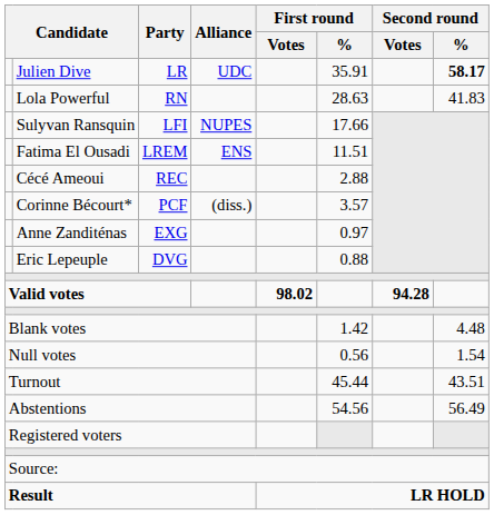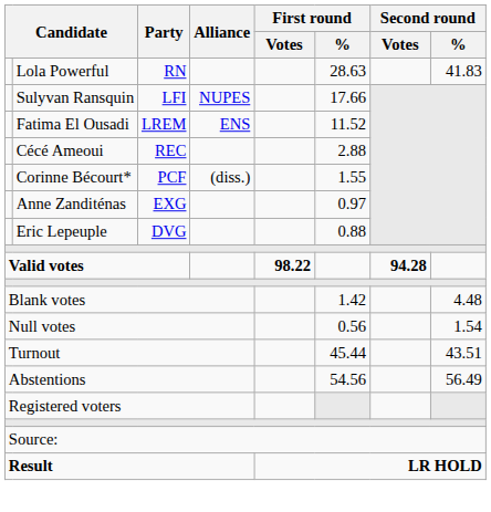 <table class="wikitable" style="text-align:right;font-size:95%;">
 <tr>
 <th colspan="2" rowspan="2">Candidate</th>
 <th colspan="1" rowspan="2">Party</th>
 <th colspan="1" rowspan="2">Alliance</th>
 <th colspan="2">First round</th>
 <th colspan="2">Second round</th>
 </tr>
 <tr>
 <th style="width:50px;">Votes</th>
 <th style="width:45px;">%</th>
 <th style="width:50px;">Votes</th>
 <th style="width:45px;">%</th>
-</tr>
-<tr>
-<td style="color:inherit;background:"></td>
-<td style="text-align:left;"><a href='#'>Julien Dive</a></td>
-<td><a href='#'>LR</a></td>
-<td><a href='#'>UDC</a></td>
-<td></td>
-<td>35.91</td>
-<td><strong></strong></td>
-<td><strong>58.17</strong></td>
 </tr>
 <tr>
 <td style="color:inherit;background:"></td>
 <td style="text-align:left;">Lola Powerful</td>
 <td><a href='#'>RN</a></td>
 <td></td>
 <td></td>
 <td>28.63</td>
 <td></td>
 <td>41.83</td>
 </tr>
 <tr>
 <td style="color:inherit;background:"></td>
 <td style="text-align:left;">Sulyvan Ransquin</td>
 <td><a href='#'>LFI</a></td>
 <td><a href='#'>NUPES</a></td>
 <td></td>
 <td>17.66</td>
 <td colspan="2" rowspan="6" style="background:#E9E9E9;"></td>
 </tr>
 <tr>
 <td style="color:inherit;background:"></td>
 <td style="text-align:left;">Fatima El Ousadi</td>
 <td><a href='#'>LREM</a></td>
 <td><a href='#'>ENS</a></td>
 <td></td>
-<td>11.51</td>
+<td>11.52</td>
 </tr>
 <tr>
 <td style="color:inherit;background:"></td>
 <td style="text-align:left;">Cécé Ameoui</td>
 <td><a href='#'>REC</a></td>
 <td></td>
 <td></td>
 <td>2.88</td>
 </tr>
 <tr>
 <td style="color:inherit;background:"></td>
 <td style="text-align:left;">Corinne Bécourt*</td>
 <td><a href='#'>PCF</a></td>
 <td>(diss.)</td>
 <td></td>
-<td>3.57</td>
+<td>1.55</td>
 </tr>
 <tr>
 <td style="color:inherit;background:"></td>
 <td style="text-align:left;">Anne Zanditénas</td>
 <td><a href='#'>EXG</a></td>
 <td></td>
 <td></td>
 <td>0.97</td>
 </tr>
 <tr>
 <td style="color:inherit;background:"></td>
 <td style="text-align:left;">Eric Lepeuple</td>
 <td><a href='#'>DVG</a></td>
 <td></td>
 <td></td>
 <td>0.88</td>
 </tr>
 <tr>
 <td colspan="8" style="background:#E9E9E9;"></td>
 </tr>
 <tr style="font-weight:bold;">
 <td colspan="3" style="text-align:left;">Valid votes</td>
 <td></td>
-<td>98.02</td>
+<td>98.22</td>
 <td></td>
 <td>94.28</td>
 </tr>
 <tr>
 <td colspan="8" style="background:#E9E9E9;"></td>
 </tr>
 <tr>
 <td colspan="4" style="text-align:left;">Blank votes</td>
 <td></td>
 <td>1.42</td>
 <td></td>
 <td>4.48</td>
 </tr>
 <tr>
 <td colspan="4" style="text-align:left;">Null votes</td>
 <td></td>
 <td>0.56</td>
 <td></td>
 <td>1.54</td>
 </tr>
 <tr>
 <td colspan="4" style="text-align:left;">Turnout</td>
 <td></td>
 <td>45.44</td>
 <td></td>
 <td>43.51</td>
 </tr>
 <tr>
 <td colspan="4" style="text-align:left;">Abstentions</td>
 <td></td>
 <td>54.56</td>
 <td></td>
 <td>56.49</td>
 </tr>
 <tr>
 <td colspan="4" style="text-align:left;">Registered voters</td>
 <td></td>
 <td style="background:#E9E9E9;"></td>
 <td></td>
 <td style="background:#E9E9E9;"></td>
 </tr>
 <tr>
 <td colspan="8" style="background:#E9E9E9;"></td>
 </tr>
 <tr>
 <td colspan="8" style="text-align:left;">Source: </td>
 </tr>
 <tr style="font-weight:bold">
 <td colspan="4" style="text-align:left;">Result</td>
 <td colspan="4" style="background-color:">LR HOLD</td>
 </tr>
 </table>
